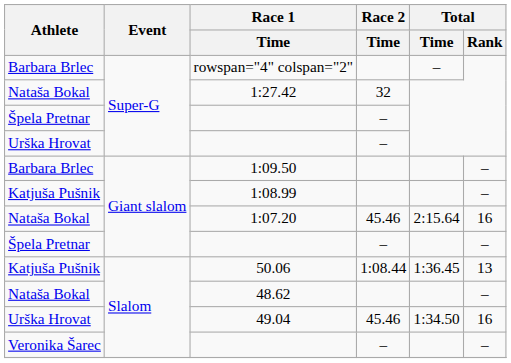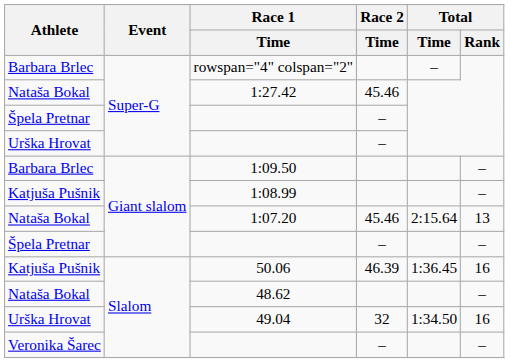 <table class="wikitable" style="font-size:90%">
 <tr>
 <th rowspan="2">Athlete</th>
 <th rowspan="2">Event</th>
 <th>Race 1</th>
 <th>Race 2</th>
 <th colspan="2">Total</th>
 </tr>
 <tr>
 <th>Time</th>
 <th>Time</th>
 <th>Time</th>
 <th>Rank</th>
 </tr>
 <tr>
 <td><a href='#'>Barbara Brlec</a></td>
 <td rowspan="4"><a href='#'>Super-G</a></td>
 <td>rowspan="4" colspan="2"</td>
 <td align="center"></td>
 <td align="center">–</td>
 </tr>
 <tr>
 <td><a href='#'>Nataša Bokal</a></td>
 <td align="center">1:27.42</td>
-<td align="center">32</td>
+<td align="center">45.46</td>
 </tr>
 <tr>
 <td><a href='#'>Špela Pretnar</a></td>
 <td align="center"></td>
 <td align="center">–</td>
 </tr>
 <tr>
 <td><a href='#'>Urška Hrovat</a></td>
 <td align="center"></td>
 <td align="center">–</td>
 </tr>
 <tr>
 <td><a href='#'>Barbara Brlec</a></td>
 <td rowspan="4"><a href='#'>Giant slalom</a></td>
 <td align="center">1:09.50</td>
 <td align="center"></td>
 <td align="center"></td>
 <td align="center">–</td>
 </tr>
 <tr>
 <td><a href='#'>Katjuša Pušnik</a></td>
 <td align="center">1:08.99</td>
 <td align="center"></td>
 <td align="center"></td>
 <td align="center">–</td>
 </tr>
 <tr>
 <td><a href='#'>Nataša Bokal</a></td>
 <td align="center">1:07.20</td>
 <td align="center">45.46</td>
 <td align="center">2:15.64</td>
-<td align="center">16</td>
+<td align="center">13</td>
 </tr>
 <tr>
 <td><a href='#'>Špela Pretnar</a></td>
 <td align="center"></td>
 <td align="center">–</td>
 <td align="center"></td>
 <td align="center">–</td>
 </tr>
 <tr>
 <td><a href='#'>Katjuša Pušnik</a></td>
 <td rowspan="4"><a href='#'>Slalom</a></td>
 <td align="center">50.06</td>
-<td align="center">1:08.44</td>
+<td align="center">46.39</td>
 <td align="center">1:36.45</td>
-<td align="center">13</td>
+<td align="center">16</td>
 </tr>
 <tr>
 <td><a href='#'>Nataša Bokal</a></td>
 <td align="center">48.62</td>
 <td align="center"></td>
 <td align="center"></td>
 <td align="center">–</td>
 </tr>
 <tr>
 <td><a href='#'>Urška Hrovat</a></td>
 <td align="center">49.04</td>
-<td align="center">45.46</td>
+<td align="center">32</td>
 <td align="center">1:34.50</td>
 <td align="center">16</td>
 </tr>
 <tr>
 <td><a href='#'>Veronika Šarec</a></td>
 <td align="center"></td>
 <td align="center">–</td>
 <td align="center"></td>
 <td align="center">–</td>
 </tr>
 <tr>
 </tr>
 </table>
